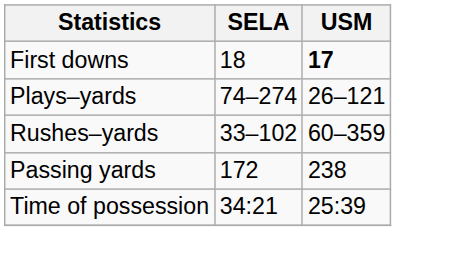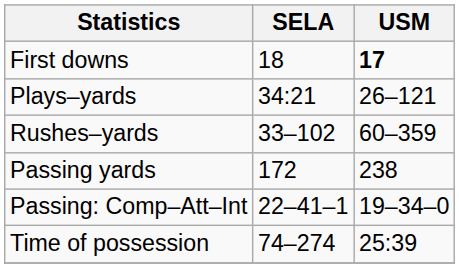 <table class="wikitable" style="float: left;">
 <tr>
 <th>Statistics</th>
 <th>SELA</th>
 <th>USM</th>
 </tr>
 <tr>
 <td>First downs</td>
 <td>18</td>
 <td><strong>17</strong></td>
 </tr>
 <tr>
 <td>Plays–yards</td>
-<td>74–274</td>
+<td>34:21</td>
 <td>26–121</td>
 </tr>
 <tr>
 <td>Rushes–yards</td>
 <td>33–102</td>
 <td>60–359</td>
 </tr>
 <tr>
 <td>Passing yards</td>
 <td>172</td>
 <td>238</td>
 </tr>
 <tr>
+<td>Passing: Comp–Att–Int</td>
+<td>22–41–1</td>
+<td>19–34–0</td>
+</tr>
+<tr>
 <td>Time of possession</td>
-<td>34:21</td>
+<td>74–274</td>
 <td>25:39</td>
 </tr>
 <tr>
 </tr>
 </table>
